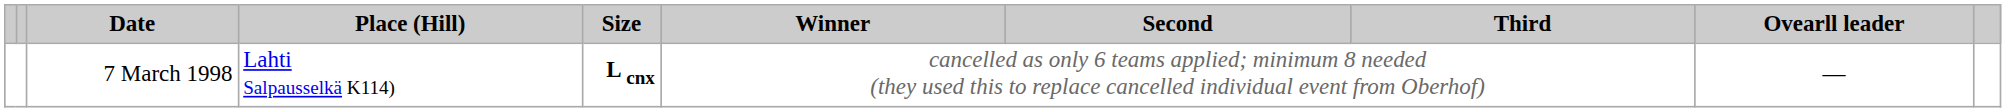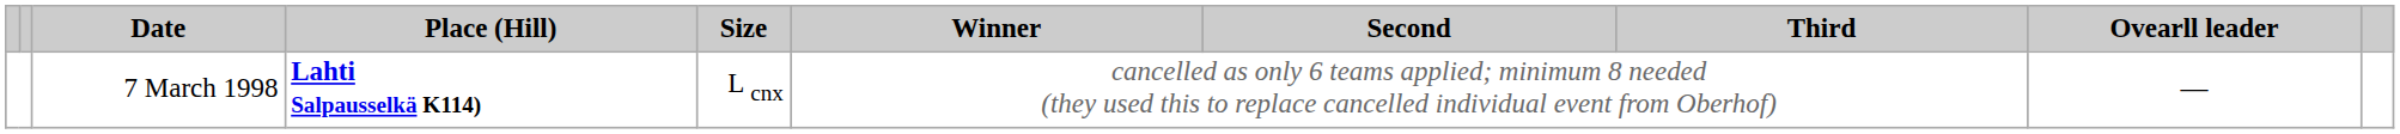 <table class="wikitable plainrowheaders" style="background:#fff; font-size:86%; line-height:16px; border:grey solid 1px; border-collapse:collapse;">
 <tr style="background:#ccc; text-align:center;">
 <th scope="col" style="background:#ccc; width=30 px;"></th>
 <th scope="col" style="background:#ccc; width=30 px;"></th>
 <th scope="col" style="background:#ccc; width:120px;">Date</th>
 <th scope="col" style="background:#ccc; width:200px;">Place (Hill)</th>
 <th scope="col" style="background:#ccc; width:40px;">Size</th>
 <th scope="col" style="background:#ccc; width:200px;">Winner</th>
 <th scope="col" style="background:#ccc; width:200px;">Second</th>
 <th scope="col" style="background:#ccc; width:200px;">Third</th>
 <th scope="col" style="background:#ccc; width:160px;">Ovearll leader</th>
 <th scope="col" style="background:#ccc; width:10px;"></th>
 </tr>
 <tr>
 <td colspan=2></td>
 <td align=right>7 March 1998</td>
-<td> <a href='#'>Lahti</a><br><small><a href='#'>Salpausselkä</a> K114)</small></td>
-<td align=right><strong>L <sub>cnx</sub></strong></td>
+<td><strong> <a href='#'>Lahti</a><br><small><a href='#'>Salpausselkä</a> K114)</small></strong></td>
+<td align=right>L <sub>cnx</sub></td>
 <td colspan=3 align=center style=color:#696969><em>cancelled as only 6 teams applied; minimum 8 needed<br>(they used this to replace cancelled individual event from Oberhof)</em></td>
 <td style="background:white; text-align:center">—</td>
 <td style="background:white"></td>
 </tr>
 </table>
